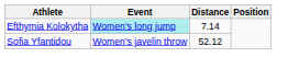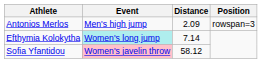 <table class="wikitable" style="text-align:center; font-size:90%">
 <tr style="font-size:95%">
 <th>Athlete</th>
 <th>Event</th>
 <th>Distance</th>
 <th>Position</th>
 </tr>
 <tr>
+<td align=left><a href='#'>Antonios Merlos</a></td>
+<td align=left><a href='#'>Men's high jump</a></td>
+<td>2.09</td>
+<td>rowspan=3 </td>
+</tr>
+<tr>
 <td align=left><a href='#'>Efthymia Kolokytha</a></td>
 <td align=left style="background: paleturquoise;"><a href='#'>Women's long jump</a></td>
 <td>7.14</td>
 </tr>
 <tr>
 <td align=left><a href='#'>Sofia Yfantidou</a></td>
-<td align=left><a href='#'>Women's javelin throw</a></td>
-<td>52.12</td>
+<td align=left style="background: pink;"><a href='#'>Women's javelin throw</a></td>
+<td>58.12</td>
 </tr>
 </table>
